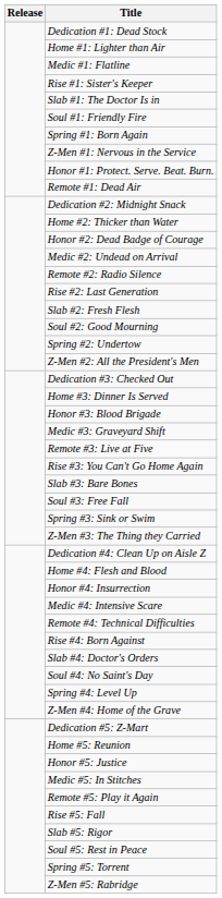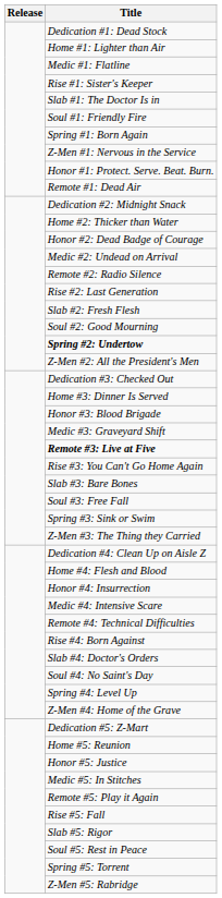 <table class="wikitable sortable">
 <tr>
 <th>Release</th>
 <th>Title</th>
 </tr>
 <tr>
 <td rowspan="10"></td>
 <td><em>Dedication #1: Dead Stock</em></td>
 </tr>
 <tr>
 <td><em>Home #1: Lighter than Air</em></td>
 </tr>
 <tr>
 <td><em>Medic #1: Flatline</em></td>
 </tr>
 <tr>
 <td><em>Rise #1: Sister's Keeper</em></td>
 </tr>
 <tr>
 <td><em>Slab #1: The Doctor Is in</em></td>
 </tr>
 <tr>
 <td><em>Soul #1: Friendly Fire</em></td>
 </tr>
 <tr>
 <td><em>Spring #1: Born Again</em></td>
 </tr>
 <tr>
 <td><em>Z-Men #1: Nervous in the Service</em></td>
 </tr>
 <tr>
 <td><em>Honor #1: Protect. Serve. Beat. Burn.</em></td>
 </tr>
 <tr>
 <td><em>Remote #1: Dead Air</em></td>
 </tr>
 <tr>
 <td rowspan="10"></td>
 <td><em>Dedication #2: Midnight Snack</em></td>
 </tr>
 <tr>
 <td><em>Home #2: Thicker than Water</em></td>
 </tr>
 <tr>
 <td><em>Honor #2: Dead Badge of Courage</em></td>
 </tr>
 <tr>
 <td><em>Medic #2: Undead on Arrival</em></td>
 </tr>
 <tr>
 <td><em>Remote #2: Radio Silence</em></td>
 </tr>
 <tr>
 <td><em>Rise #2: Last Generation</em></td>
 </tr>
 <tr>
 <td><em>Slab #2: Fresh Flesh</em></td>
 </tr>
 <tr>
 <td><em>Soul #2: Good Mourning</em></td>
 </tr>
 <tr>
-<td><em>Spring #2: Undertow</em></td>
+<td><strong><em>Spring #2: Undertow</em></strong></td>
 </tr>
 <tr>
 <td><em>Z-Men #2: All the President's Men</em></td>
 </tr>
 <tr>
 <td rowspan="10"></td>
 <td><em>Dedication #3: Checked Out</em></td>
 </tr>
 <tr>
 <td><em>Home #3: Dinner Is Served</em></td>
 </tr>
 <tr>
 <td><em>Honor #3: Blood Brigade</em></td>
 </tr>
 <tr>
 <td><em>Medic #3: Graveyard Shift</em></td>
 </tr>
 <tr>
-<td><em>Remote #3: Live at Five</em></td>
+<td><strong><em>Remote #3: Live at Five</em></strong></td>
 </tr>
 <tr>
 <td><em>Rise #3: You Can't Go Home Again</em></td>
 </tr>
 <tr>
 <td><em>Slab #3: Bare Bones</em></td>
 </tr>
 <tr>
 <td><em>Soul #3: Free Fall</em></td>
 </tr>
 <tr>
 <td><em>Spring #3: Sink or Swim</em></td>
 </tr>
 <tr>
 <td><em>Z-Men #3: The Thing they Carried</em></td>
 </tr>
 <tr>
 <td rowspan="10"></td>
 <td><em>Dedication #4: Clean Up on Aisle Z</em></td>
 </tr>
 <tr>
 <td><em>Home #4: Flesh and Blood</em></td>
 </tr>
 <tr>
 <td><em>Honor #4: Insurrection</em></td>
 </tr>
 <tr>
 <td><em>Medic #4: Intensive Scare</em></td>
 </tr>
 <tr>
 <td><em>Remote #4: Technical Difficulties</em></td>
 </tr>
 <tr>
 <td><em>Rise #4: Born Against</em></td>
 </tr>
 <tr>
 <td><em>Slab #4: Doctor's Orders</em></td>
 </tr>
 <tr>
 <td><em>Soul #4: No Saint's Day</em></td>
 </tr>
 <tr>
 <td><em>Spring #4: Level Up</em></td>
 </tr>
 <tr>
 <td><em>Z-Men #4: Home of the Grave</em></td>
 </tr>
 <tr>
 <td rowspan="10"></td>
 <td><em>Dedication #5: Z-Mart</em></td>
 </tr>
 <tr>
 <td><em>Home #5: Reunion</em></td>
 </tr>
 <tr>
 <td><em>Honor #5: Justice</em></td>
 </tr>
 <tr>
 <td><em>Medic #5: In Stitches</em></td>
 </tr>
 <tr>
 <td><em>Remote #5: Play it Again</em></td>
 </tr>
 <tr>
 <td><em>Rise #5: Fall</em></td>
 </tr>
 <tr>
 <td><em>Slab #5: Rigor</em></td>
 </tr>
 <tr>
 <td><em>Soul #5: Rest in Peace</em></td>
 </tr>
 <tr>
 <td><em>Spring #5: Torrent</em></td>
 </tr>
 <tr>
 <td><em>Z-Men #5: Rabridge</em></td>
 </tr>
 </table>
